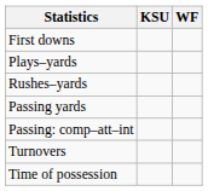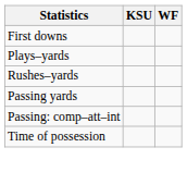 <table class="wikitable" style="float:left">
 <tr>
 <th>Statistics</th>
 <th>KSU</th>
 <th>WF</th>
 </tr>
 <tr>
 <td>First downs</td>
 <td></td>
 <td></td>
 </tr>
 <tr>
 <td>Plays–yards</td>
 <td></td>
 <td></td>
 </tr>
 <tr>
 <td>Rushes–yards</td>
 <td></td>
 <td></td>
 </tr>
 <tr>
 <td>Passing yards</td>
 <td></td>
 <td></td>
 </tr>
 <tr>
 <td>Passing: comp–att–int</td>
 <td></td>
 <td></td>
 </tr>
 <tr>
-<td>Turnovers</td>
-<td></td>
-<td></td>
-</tr>
-<tr>
 <td>Time of possession</td>
 <td></td>
 <td></td>
 </tr>
 </table>
